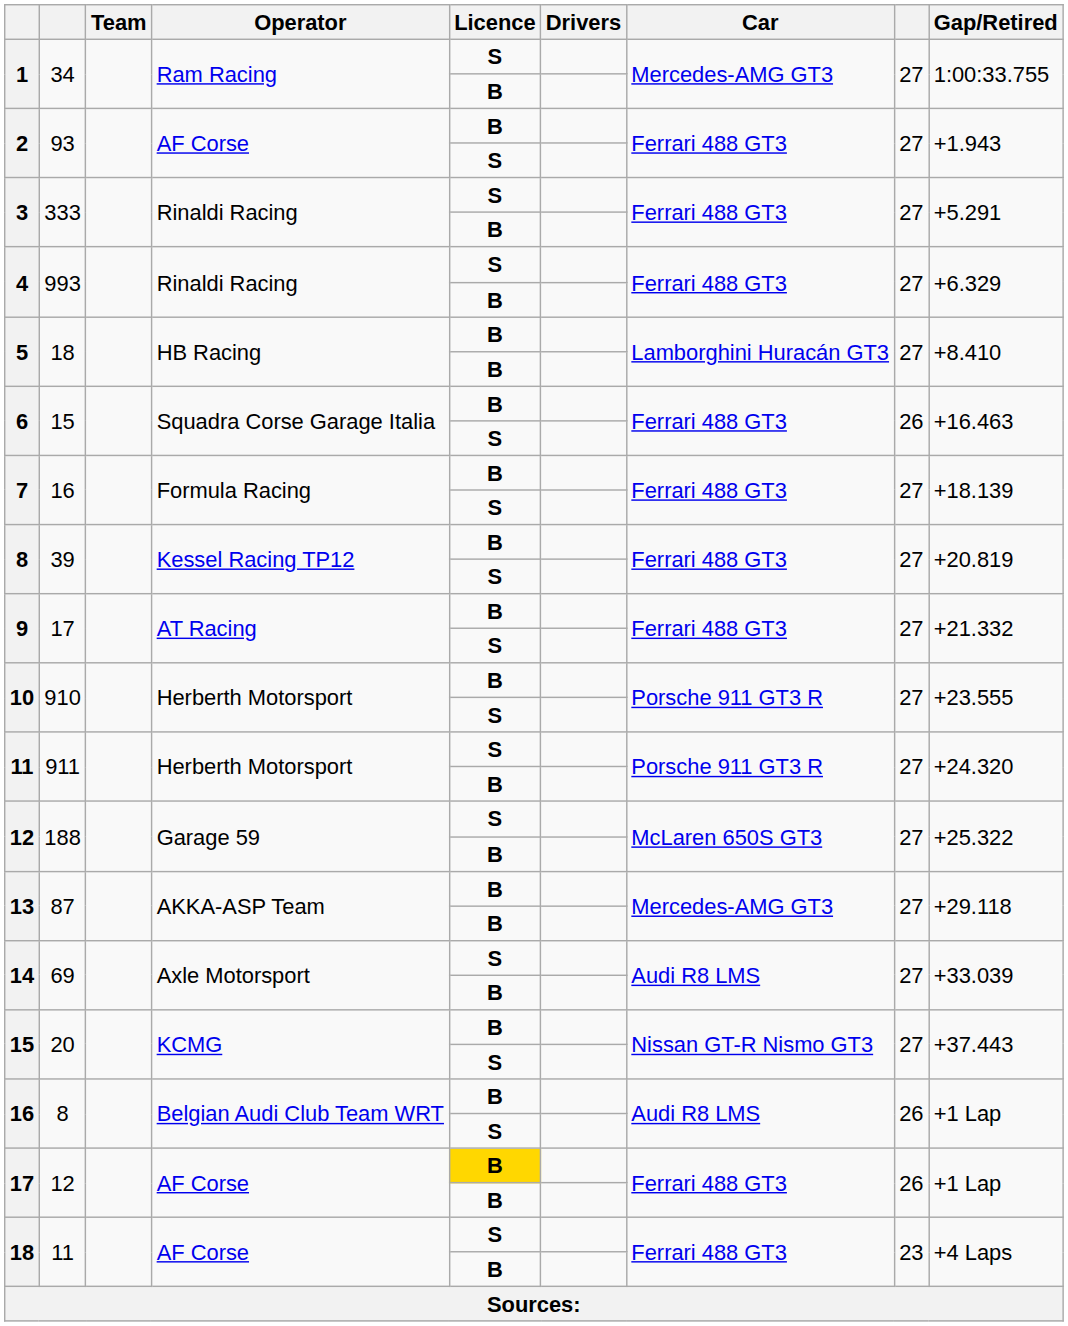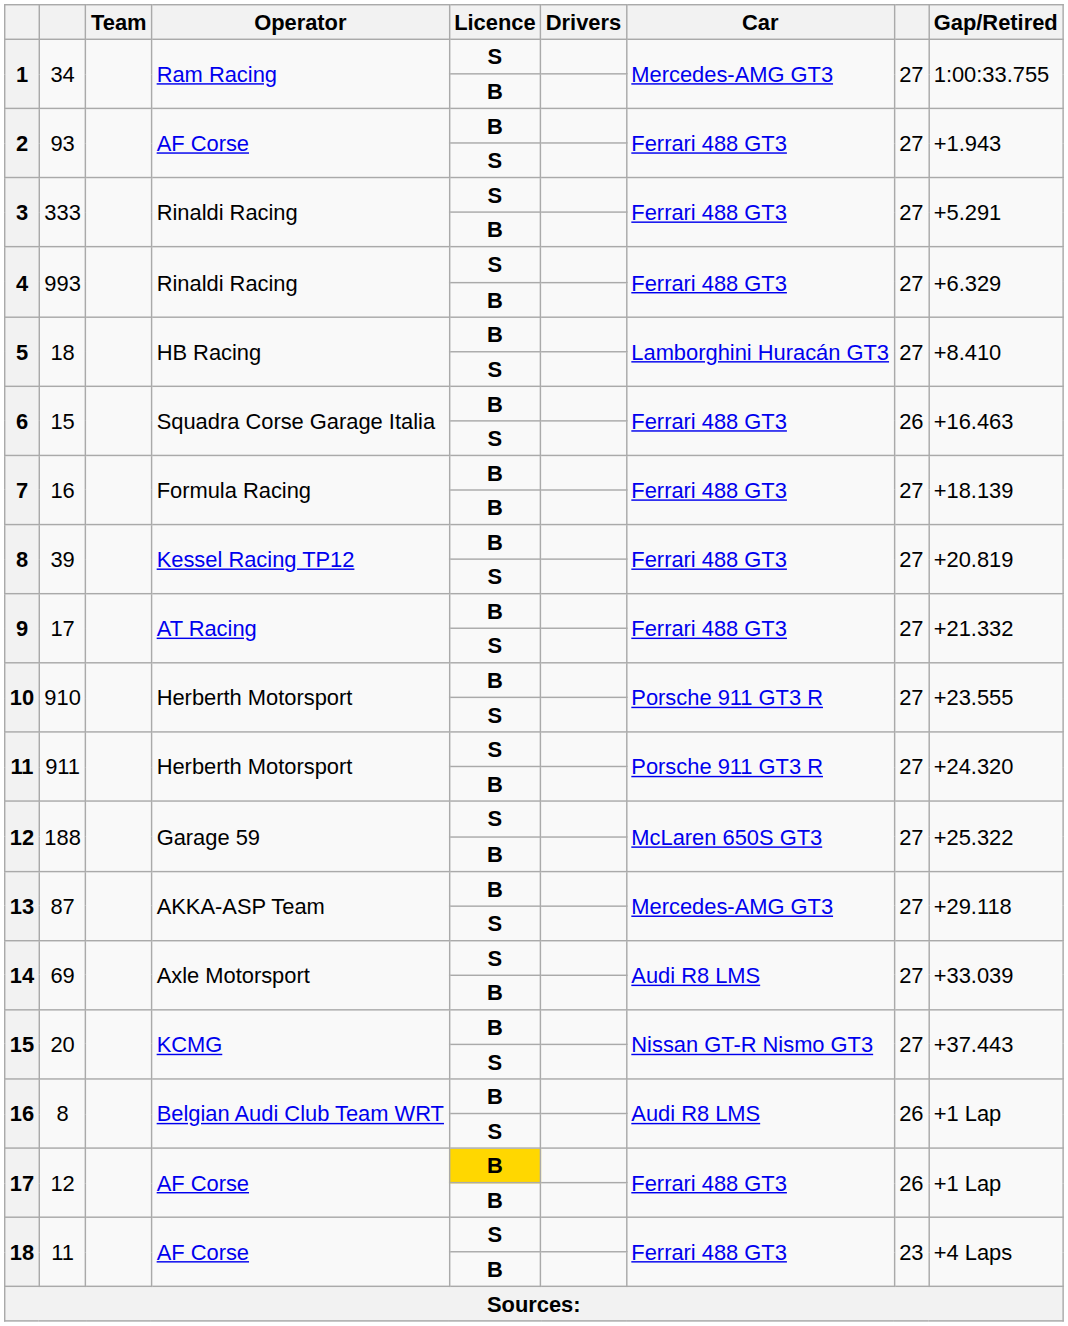 <table class="wikitable sortable" style="font-size: 95%;">
 <tr>
 <th scope="col"></th>
 <th scope="col"></th>
 <th scope="col">Team</th>
 <th scope="col">Operator</th>
 <th scope="col">Licence</th>
 <th scope="col">Drivers</th>
 <th scope="col">Car</th>
 <th scope="col" class="unsortable"></th>
 <th scope="col" class="unsortable">Gap/Retired</th>
 </tr>
 <tr>
 <th rowspan="2" scope="row">1</th>
 <td rowspan="2" align=center>34</td>
 <td rowspan="2"></td>
 <td rowspan="2"><a href='#'>Ram Racing</a></td>
 <td align=center><strong><span>S</span></strong></td>
 <td data-sort-value="GUV"></td>
 <td rowspan="2"><a href='#'>Mercedes-AMG GT3</a></td>
 <td rowspan="2" align=center>27</td>
 <td rowspan="2">1:00:33.755</td>
 </tr>
 <tr>
 <td align=center><strong><span>B</span></strong></td>
 <td data-sort-value="YOL"></td>
 </tr>
 <tr>
 <th rowspan="2" scope="row">2</th>
 <td rowspan="2" align=center>93</td>
 <td rowspan="2"></td>
 <td rowspan="2"><a href='#'>AF Corse</a></td>
 <td align=center><strong><span>B</span></strong></td>
 <td data-sort-value="BUN"></td>
 <td rowspan="2"><a href='#'>Ferrari 488 GT3</a></td>
 <td rowspan="2" align=center>27</td>
 <td rowspan="2">+1.943</td>
 </tr>
 <tr>
 <td align=center><strong><span>S</span></strong></td>
 <td data-sort-value="FRO"></td>
 </tr>
 <tr>
 <th rowspan="2" scope="row">3</th>
 <td rowspan="2" align=center>333</td>
 <td rowspan="2"></td>
 <td rowspan="2">Rinaldi Racing</td>
 <td align=center><strong><span>S</span></strong></td>
 <td data-sort-value="BAS"></td>
 <td rowspan="2"><a href='#'>Ferrari 488 GT3</a></td>
 <td rowspan="2" align=center>27</td>
 <td rowspan="2">+5.291</td>
 </tr>
 <tr>
 <td align=center><strong><span>B</span></strong></td>
 <td data-sort-value="MAT"></td>
 </tr>
 <tr>
 <th rowspan="2" scope="row">4</th>
 <td rowspan="2" align=center>993</td>
 <td rowspan="2"></td>
 <td rowspan="2">Rinaldi Racing</td>
 <td align=center><strong><span>S</span></strong></td>
 <td data-sort-value="BUL"></td>
 <td rowspan="2"><a href='#'>Ferrari 488 GT3</a></td>
 <td rowspan="2" align=center>27</td>
 <td rowspan="2">+6.329</td>
 </tr>
 <tr>
 <td align=center><strong><span>B</span></strong></td>
 <td data-sort-value="SAL"></td>
 </tr>
 <tr>
 <th rowspan="2" scope="row">5</th>
 <td rowspan="2" align=center>18</td>
 <td rowspan="2"></td>
 <td rowspan="2">HB Racing</td>
 <td align=center><strong><span>B</span></strong></td>
 <td data-sort-value="BAL"></td>
 <td rowspan="2"><a href='#'>Lamborghini Huracán GT3</a></td>
 <td rowspan="2" align=center>27</td>
 <td rowspan="2">+8.410</td>
 </tr>
 <tr>
-<td align=center><strong><span>B</span></strong></td>
+<td align=center><strong><span>S</span></strong></td>
 <td data-sort-value="COM"></td>
 </tr>
 <tr>
 <th rowspan="2" scope="row">6</th>
 <td rowspan="2" align=center>15</td>
 <td rowspan="2"></td>
 <td rowspan="2">Squadra Corse Garage Italia</td>
 <td align=center><strong><span>B</span></strong></td>
 <td data-sort-value="FUE"></td>
 <td rowspan="2"><a href='#'>Ferrari 488 GT3</a></td>
 <td rowspan="2" align=center>26</td>
 <td rowspan="2">+16.463</td>
 </tr>
 <tr>
 <td align=center><strong><span>S</span></strong></td>
 <td data-sort-value="PER"></td>
 </tr>
 <tr>
 <th rowspan="2" scope="row">7</th>
 <td rowspan="2" align=center>16</td>
 <td rowspan="2"></td>
 <td rowspan="2">Formula Racing</td>
 <td align=center><strong><span>B</span></strong></td>
 <td data-sort-value="LAU"></td>
 <td rowspan="2"><a href='#'>Ferrari 488 GT3</a></td>
 <td rowspan="2" align=center>27</td>
 <td rowspan="2">+18.139</td>
 </tr>
 <tr>
-<td align=center><strong><span>S</span></strong></td>
+<td align=center><strong><span>B</span></strong></td>
 <td data-sort-value="NIE"></td>
 </tr>
 <tr>
 <th rowspan="2" scope="row">8</th>
 <td rowspan="2" align=center>39</td>
 <td rowspan="2"></td>
 <td rowspan="2"><a href='#'>Kessel Racing TP12</a></td>
 <td align=center><strong><span>B</span></strong></td>
 <td data-sort-value="BHI"></td>
 <td rowspan="2"><a href='#'>Ferrari 488 GT3</a></td>
 <td rowspan="2" align=center>27</td>
 <td rowspan="2">+20.819</td>
 </tr>
 <tr>
 <td align=center><strong><span>S</span></strong></td>
 <td data-sort-value="LAT"></td>
 </tr>
 <tr>
 <th rowspan="2" scope="row">9</th>
 <td rowspan="2" align=center>17</td>
 <td rowspan="2"></td>
 <td rowspan="2"><a href='#'>AT Racing</a></td>
 <td align=center><strong><span>B</span></strong></td>
 <td data-sort-value="TAL2"></td>
 <td rowspan="2"><a href='#'>Ferrari 488 GT3</a></td>
 <td rowspan="2" align=center>27</td>
 <td rowspan="2">+21.332</td>
 </tr>
 <tr>
 <td align=center><strong><span>S</span></strong></td>
 <td data-sort-value="TAL2"></td>
 </tr>
 <tr>
 <th rowspan="2" scope="row">10</th>
 <td rowspan="2" align=center>910</td>
 <td rowspan="2"></td>
 <td rowspan="2">Herberth Motorsport</td>
 <td align=center><strong><span>B</span></strong></td>
 <td data-sort-value="LI"></td>
 <td rowspan="2"><a href='#'>Porsche 911 GT3 R</a></td>
 <td rowspan="2" align=center>27</td>
 <td rowspan="2">+23.555</td>
 </tr>
 <tr>
 <td align=center><strong><span>S</span></strong></td>
 <td data-sort-value="YE"></td>
 </tr>
 <tr>
 <th rowspan="2" scope="row">11</th>
 <td rowspan="2" align=center>911</td>
 <td rowspan="2"></td>
 <td rowspan="2">Herberth Motorsport</td>
 <td align=center><strong><span>S</span></strong></td>
 <td data-sort-value="GROB"></td>
 <td rowspan="2"><a href='#'>Porsche 911 GT3 R</a></td>
 <td rowspan="2" align=center>27</td>
 <td rowspan="2">+24.320</td>
 </tr>
 <tr>
 <td align=center><strong><span>B</span></strong></td>
 <td data-sort-value="GROS"></td>
 </tr>
 <tr>
 <th rowspan="2" scope="row">12</th>
 <td rowspan="2" align=center>188</td>
 <td rowspan="2"></td>
 <td rowspan="2">Garage 59</td>
 <td align=center><strong><span>S</span></strong></td>
 <td data-sort-value="BOU"></td>
 <td rowspan="2"><a href='#'>McLaren 650S GT3</a></td>
 <td rowspan="2" align=center>27</td>
 <td rowspan="2">+25.322</td>
 </tr>
 <tr>
 <td align=center><strong><span>B</span></strong></td>
 <td data-sort-value="WES"></td>
 </tr>
 <tr>
 <th rowspan="2" scope="row">13</th>
 <td rowspan="2" align=center>87</td>
 <td rowspan="2"></td>
 <td rowspan="2">AKKA-ASP Team</td>
 <td align=center><strong><span>B</span></strong></td>
 <td data-sort-value="BEA"></td>
 <td rowspan="2"><a href='#'>Mercedes-AMG GT3</a></td>
 <td rowspan="2" align=center>27</td>
 <td rowspan="2">+29.118</td>
 </tr>
 <tr>
-<td align=center><strong><span>B</span></strong></td>
+<td align=center><strong><span>S</span></strong></td>
 <td data-sort-value="PLA"></td>
 </tr>
 <tr>
 <th rowspan="2" scope="row">14</th>
 <td rowspan="2" align=center>69</td>
 <td rowspan="2"></td>
 <td rowspan="2">Axle Motorsport</td>
 <td align=center><strong><span>S</span></strong></td>
 <td data-sort-value="CHE"></td>
 <td rowspan="2"><a href='#'>Audi R8 LMS</a></td>
 <td rowspan="2" align=center>27</td>
 <td rowspan="2">+33.039</td>
 </tr>
 <tr>
 <td align=center><strong><span>B</span></strong></td>
 <td data-sort-value="LOw"></td>
 </tr>
 <tr>
 <th rowspan="2" scope="row">15</th>
 <td rowspan="2" align=center>20</td>
 <td rowspan="2"></td>
 <td rowspan="2"><a href='#'>KCMG</a></td>
 <td align=center><strong><span>B</span></strong></td>
 <td data-sort-value="AU"></td>
 <td rowspan="2"><a href='#'>Nissan GT-R Nismo GT3</a></td>
 <td rowspan="2" align=center>27</td>
 <td rowspan="2">+37.443</td>
 </tr>
 <tr>
 <td align=center><strong><span>S</span></strong></td>
 <td data-sort-value="YAN"></td>
 </tr>
 <tr>
 <th rowspan="2" scope="row">16</th>
 <td rowspan="2" align=center>8</td>
 <td rowspan="2"></td>
 <td rowspan="2"><a href='#'>Belgian Audi Club Team WRT</a></td>
 <td align=center><strong><span>B</span></strong></td>
 <td data-sort-value="DEN"></td>
 <td rowspan="2"><a href='#'>Audi R8 LMS</a></td>
 <td rowspan="2" align=center>26</td>
 <td rowspan="2">+1 Lap</td>
 </tr>
 <tr>
 <td align=center><strong><span>S</span></strong></td>
 <td data-sort-value="WEE"></td>
 </tr>
 <tr>
 <th rowspan="2" scope="row">17</th>
 <td rowspan="2" align=center>12</td>
 <td rowspan="2"></td>
 <td rowspan="2"><a href='#'>AF Corse</a></td>
 <td align=center style="background: gold;"><strong><span>B</span></strong></td>
 <td data-sort-value="KON"></td>
 <td rowspan="2"><a href='#'>Ferrari 488 GT3</a></td>
 <td rowspan="2" align=center>26</td>
 <td rowspan="2">+1 Lap</td>
 </tr>
 <tr>
 <td align=center><strong><span>B</span></strong></td>
 <td data-sort-value="SET"></td>
 </tr>
 <tr>
 <th rowspan="2" scope="row">18</th>
 <td rowspan="2" align=center>11</td>
 <td rowspan="2"></td>
 <td rowspan="2"><a href='#'>AF Corse</a></td>
 <td align=center><strong><span>S</span></strong></td>
 <td data-sort-value="CRE"></td>
 <td rowspan="2"><a href='#'>Ferrari 488 GT3</a></td>
 <td rowspan="2" align=center>23</td>
 <td rowspan="2">+4 Laps</td>
 </tr>
 <tr>
 <td align=center><strong><span>B</span></strong></td>
 <td data-sort-value="PER"></td>
 </tr>
 <tr>
 <th colspan=9>Sources:</th>
 </tr>
 </table>
